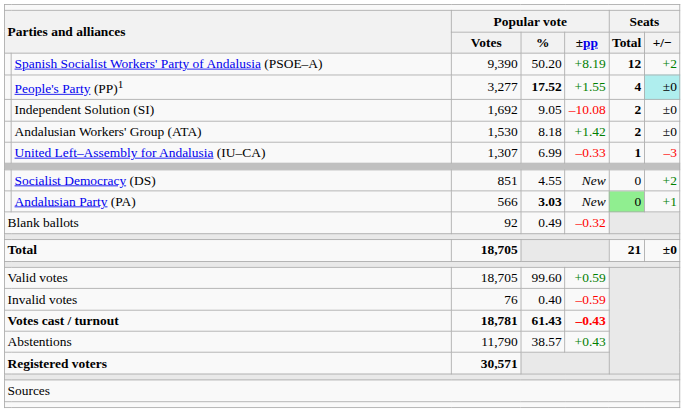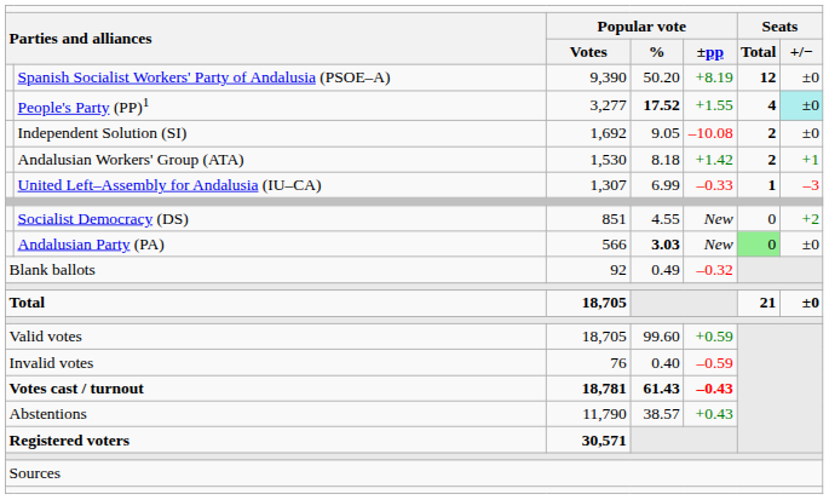 <table class="wikitable" style="text-align:right;">
 <tr>
 <td colspan="7"></td>
 </tr>
 <tr>
 <th style="text-align:left;" rowspan="2" colspan="2" width="525">Parties and alliances</th>
 <th colspan="3">Popular vote</th>
 <th colspan="2">Seats</th>
 </tr>
 <tr>
 <th width="75">Votes</th>
 <th width="45">%</th>
 <th width="45">±<a href='#'>pp</a></th>
 <th width="35">Total</th>
 <th width="35">+/−</th>
 </tr>
 <tr>
 <td width="1" style="color:inherit;background:"></td>
 <td align="left"><a href='#'>Spanish Socialist Workers' Party of Andalusia</a> (PSOE–A)</td>
 <td>9,390</td>
 <td>50.20</td>
 <td style="color:green;">+8.19</td>
 <td><strong>12</strong></td>
-<td style="color:green;">+2</td>
+<td>±0</td>
 </tr>
 <tr>
 <td style="color:inherit;background:"></td>
 <td align="left"><a href='#'>People's Party</a> (PP)<sup>1</sup></td>
 <td>3,277</td>
 <td><strong>17.52</strong></td>
 <td style="color:green;">+1.55</td>
 <td><strong>4</strong></td>
 <td style="background: paleturquoise;">±0</td>
 </tr>
 <tr>
 <td style="color:inherit;background:"></td>
 <td align="left">Independent Solution (SI)</td>
 <td>1,692</td>
 <td>9.05</td>
 <td style="color:red;">–10.08</td>
 <td><strong>2</strong></td>
 <td>±0</td>
 </tr>
 <tr>
 <td style="color:inherit;background:"></td>
 <td align="left">Andalusian Workers' Group (ATA)</td>
 <td>1,530</td>
 <td>8.18</td>
 <td style="color:green;">+1.42</td>
 <td><strong>2</strong></td>
-<td>±0</td>
+<td style="color:green;">+1</td>
 </tr>
 <tr>
 <td style="color:inherit;background:"></td>
 <td align="left"><a href='#'>United Left–Assembly for Andalusia</a> (IU–CA)</td>
 <td>1,307</td>
 <td>6.99</td>
 <td style="color:red;">–0.33</td>
 <td><strong>1</strong></td>
 <td style="color:red;">–3</td>
 </tr>
 <tr>
 <td colspan="7" bgcolor="#C0C0C0"></td>
 </tr>
 <tr>
 <td style="color:inherit;background:"></td>
 <td align="left"><a href='#'>Socialist Democracy</a> (DS)</td>
 <td>851</td>
 <td>4.55</td>
 <td><em>New</em></td>
 <td>0</td>
 <td style="color:green;">+2</td>
 </tr>
 <tr>
 <td style="color:inherit;background:"></td>
 <td align="left"><a href='#'>Andalusian Party</a> (PA)</td>
 <td>566</td>
 <td><strong>3.03</strong></td>
 <td><em>New</em></td>
 <td style="background: lightgreen;">0</td>
-<td style="color:green;">+1</td>
+<td>±0</td>
 </tr>
 <tr>
 <td align="left" colspan="2">Blank ballots</td>
 <td>92</td>
 <td>0.49</td>
 <td style="color:red;">–0.32</td>
 <td bgcolor="#E9E9E9" colspan="2"></td>
 </tr>
 <tr>
 <td colspan="7" bgcolor="#E9E9E9"></td>
 </tr>
 <tr style="font-weight:bold;">
 <td align="left" colspan="2">Total</td>
 <td>18,705</td>
 <td bgcolor="#E9E9E9" colspan="2"></td>
 <td>21</td>
 <td>±0</td>
 </tr>
 <tr>
 <td colspan="7" bgcolor="#E9E9E9"></td>
 </tr>
 <tr>
 <td align="left" colspan="2">Valid votes</td>
 <td>18,705</td>
 <td>99.60</td>
 <td style="color:green;">+0.59</td>
 <td bgcolor="#E9E9E9" colspan="2" rowspan="5"></td>
 </tr>
 <tr>
 <td align="left" colspan="2">Invalid votes</td>
 <td>76</td>
 <td>0.40</td>
 <td style="color:red;">–0.59</td>
 </tr>
 <tr style="font-weight:bold;">
 <td align="left" colspan="2">Votes cast / turnout</td>
 <td>18,781</td>
 <td>61.43</td>
 <td style="color:red;">–0.43</td>
 </tr>
 <tr>
 <td align="left" colspan="2">Abstentions</td>
 <td>11,790</td>
 <td>38.57</td>
 <td style="color:green;">+0.43</td>
 </tr>
 <tr style="font-weight:bold;">
 <td align="left" colspan="2">Registered voters</td>
 <td>30,571</td>
 <td bgcolor="#E9E9E9" colspan="2"></td>
 </tr>
 <tr>
 <td colspan="7" bgcolor="#E9E9E9"></td>
 </tr>
 <tr>
 <td align="left" colspan="7">Sources</td>
 </tr>
 <tr>
 <td colspan="7" style="text-align:left; max-width:790px;"></td>
 </tr>
 </table>
